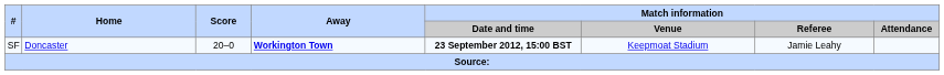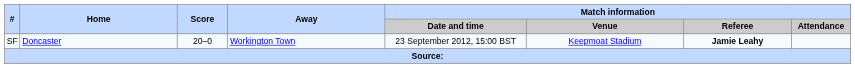 <table border=1 style="border-collapse:collapse; font-size:80%; text-align:center;" cellpadding=3 cellspacing=0 width=100%>
 <tr bgcolor=#C1D8FF>
 <th rowspan=2>#</th>
 <th rowspan=2 width=19%>Home</th>
 <th rowspan=2 width=6%>Score</th>
 <th rowspan=2 width=19%>Away</th>
 <th colspan=6>Match information</th>
 </tr>
 <tr bgcolor=#CCCCCC>
 <th width=17%>Date and time</th>
 <th width=19%>Venue</th>
 <th width=13%>Referee</th>
 <th width=7%>Attendance</th>
 </tr>
 <tr bgcolor=#F5FAFF>
 <td>SF</td>
 <td align=left> <a href='#'>Doncaster</a></td>
 <td>20–0</td>
-<td align=left><strong> <a href='#'>Workington Town</a></strong></td>
-<td><strong>23 September 2012, 15:00 BST</strong></td>
+<td align=left> <a href='#'>Workington Town</a></td>
+<td>23 September 2012, 15:00 BST</td>
 <td><a href='#'>Keepmoat Stadium</a></td>
-<td>Jamie Leahy</td>
+<td><strong>Jamie Leahy</strong></td>
 <td></td>
 </tr>
 <tr bgcolor=#C1D8FF>
 <th colspan="10">Source:</th>
 </tr>
 </table>
